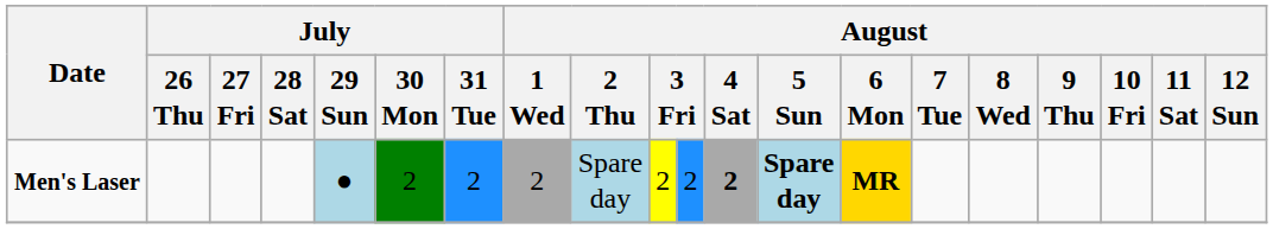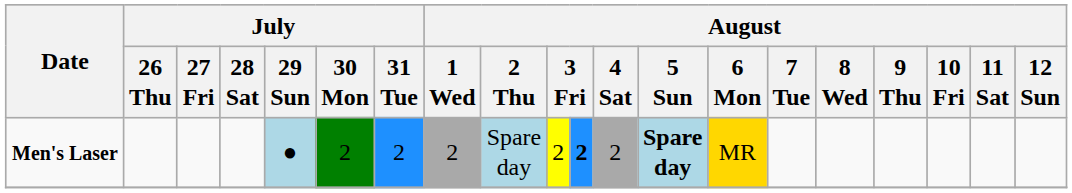 <table class="wikitable" style="margin:0.5em auto; font-size:90%; line-height:1.25em;">
 <tr>
 <th rowspan=2>Date</th>
 <th colspan=6>July</th>
 <th colspan=13>August</th>
 </tr>
 <tr>
 <th>26<br>Thu</th>
 <th>27<br>Fri</th>
 <th>28<br>Sat</th>
 <th>29<br>Sun</th>
 <th>30<br>Mon</th>
 <th>31<br>Tue</th>
 <th>1<br>Wed</th>
 <th>2<br>Thu</th>
 <th colspan=2>3<br>Fri</th>
 <th>4<br>Sat</th>
 <th>5<br>Sun</th>
 <th>6<br>Mon</th>
 <th>7<br>Tue</th>
 <th>8<br>Wed</th>
 <th>9<br>Thu</th>
 <th>10<br>Fri</th>
 <th>11<br>Sat</th>
 <th>12<br>Sun</th>
 </tr>
 <tr align="center">
 <td align="right"><small><strong>Men's Laser</strong></small></td>
 <td></td>
 <td></td>
 <td></td>
 <td bgcolor=LightBlue><span> ● </span></td>
 <td bgcolor=Green><span> 2 </span></td>
 <td bgcolor=DodgerBlue><span> 2 </span></td>
 <td bgcolor=DarkGrey><span> 2 </span></td>
 <td bgcolor=LightBlue><span> Spare<br>day </span></td>
 <td bgcolor=Yellow><span> 2 </span></td>
-<td bgcolor=DodgerBlue><span> 2 </span></td>
-<td bgcolor=DarkGrey><strong><span> 2 </span></strong></td>
+<td bgcolor=DodgerBlue><strong><span> 2 </span></strong></td>
+<td bgcolor=DarkGrey><span> 2 </span></td>
 <td bgcolor=LightBlue><strong><span> Spare<br>day </span></strong></td>
-<td bgcolor=Gold><strong><span> MR </span></strong></td>
+<td bgcolor=Gold><span> MR </span></td>
 <td></td>
 <td></td>
 <td></td>
 <td></td>
 <td></td>
 <td></td>
 </tr>
 <tr>
 </tr>
 </table>
